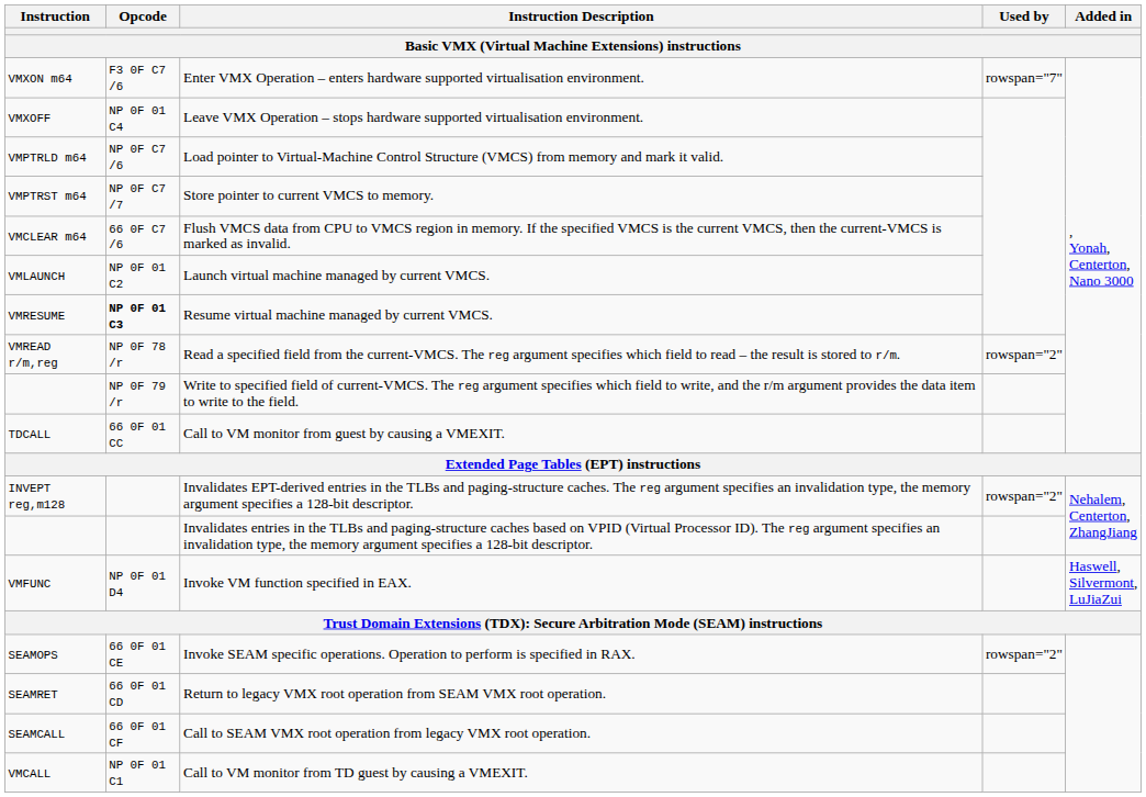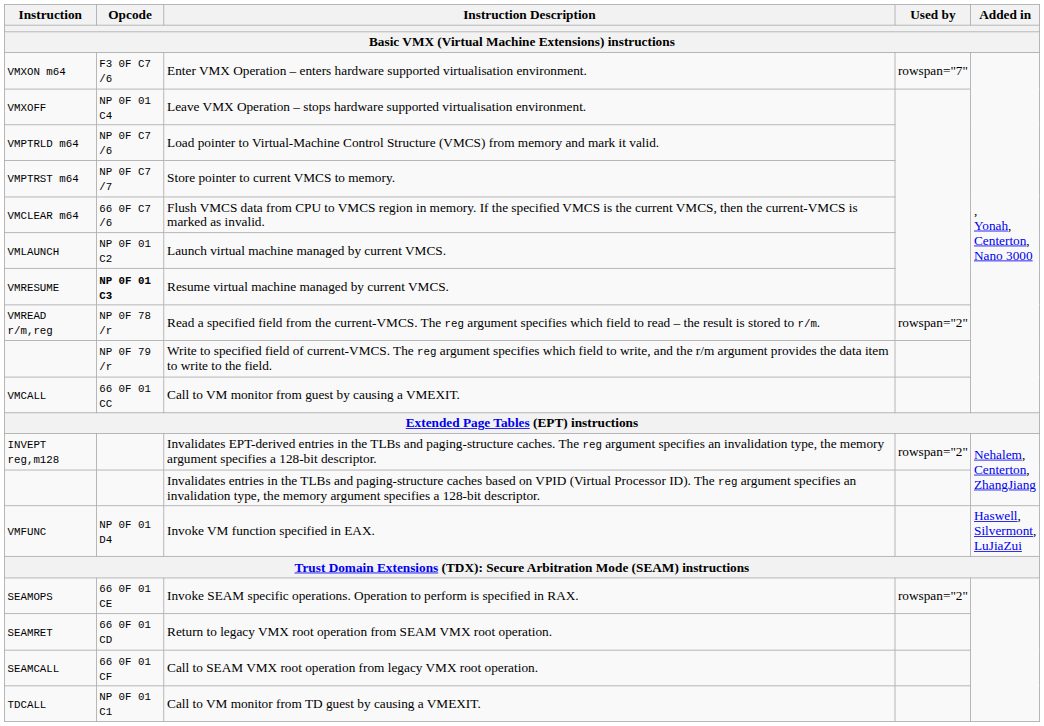 <table class="wikitable sortable">
 <tr>
 <th>Instruction</th>
 <th>Opcode</th>
 <th>Instruction Description</th>
 <th>Used by</th>
 <th>Added in</th>
 </tr>
 <tr>
 <th colspan="5"></th>
 </tr>
 <tr>
 <th colspan="5">Basic VMX (Virtual Machine Extensions) instructions</th>
 </tr>
 <tr>
 <td><code>VMXON m64</code></td>
 <td><code>F3 0F C7 /6</code></td>
 <td>Enter VMX Operation – enters hardware supported virtualisation environment.</td>
 <td>rowspan="7" </td>
 <td rowspan="10">,<br><a href='#'>Yonah</a>,<br><a href='#'>Centerton</a>,<br><a href='#'>Nano 3000</a></td>
 </tr>
 <tr>
 <td><code>VMXOFF</code></td>
 <td><code>NP 0F 01 C4</code></td>
 <td>Leave VMX Operation – stops hardware supported virtualisation environment.</td>
 </tr>
 <tr>
 <td><code>VMPTRLD m64</code></td>
 <td><code>NP 0F C7 /6</code></td>
 <td>Load pointer to Virtual-Machine Control Structure (VMCS) from memory and mark it valid.</td>
 </tr>
 <tr>
 <td><code>VMPTRST m64</code></td>
 <td><code>NP 0F C7 /7</code></td>
 <td>Store pointer to current VMCS to memory.</td>
 </tr>
 <tr>
 <td><code>VMCLEAR m64</code></td>
 <td><code>66 0F C7 /6</code></td>
 <td>Flush VMCS data from CPU to VMCS region in memory. If the specified VMCS is the current VMCS, then the current-VMCS is marked as invalid.</td>
 </tr>
 <tr>
 <td><code>VMLAUNCH</code></td>
 <td><code>NP 0F 01 C2</code></td>
 <td>Launch virtual machine managed by current VMCS.</td>
 </tr>
 <tr>
 <td><code>VMRESUME</code></td>
 <td><strong><code>NP 0F 01 C3</code></strong></td>
 <td>Resume virtual machine managed by current VMCS.</td>
 </tr>
 <tr>
 <td><code>VMREAD r/m,reg</code></td>
 <td><code>NP 0F 78 /r</code></td>
 <td>Read a specified field from the current-VMCS. The <code>reg</code> argument specifies which field to read – the result is stored to <code>r/m</code>.</td>
 <td>rowspan="2" </td>
 </tr>
 <tr>
 <td></td>
 <td><code>NP 0F 79 /r</code></td>
 <td>Write to specified field of current-VMCS. The <code>reg</code> argument specifies which field to write, and the r/m argument provides the data item to write to the field.</td>
 </tr>
 <tr>
-<td><code>TDCALL</code></td>
+<td><code>VMCALL</code></td>
 <td><code>66 0F 01 CC</code></td>
 <td>Call to VM monitor from guest by causing a VMEXIT.</td>
 <td></td>
 </tr>
 <tr>
 <th colspan="5"><a href='#'>Extended Page Tables</a> (EPT) instructions</th>
 </tr>
 <tr>
 <td><code>INVEPT reg,m128</code></td>
 <td></td>
 <td>Invalidates EPT-derived entries in the TLBs and paging-structure caches. The <code>reg</code> argument specifies an invalidation type, the memory argument specifies a 128-bit descriptor.</td>
 <td>rowspan="2" </td>
 <td rowspan="2"><a href='#'>Nehalem</a>,<br><a href='#'>Centerton</a>,<br><a href='#'>ZhangJiang</a></td>
 </tr>
 <tr>
 <td></td>
 <td></td>
 <td>Invalidates entries in the TLBs and paging-structure caches based on VPID (Virtual Processor ID). The <code>reg</code> argument specifies an invalidation type, the memory argument specifies a 128-bit descriptor.</td>
 </tr>
 <tr>
 <td><code>VMFUNC</code></td>
 <td><code>NP 0F 01 D4</code></td>
 <td>Invoke VM function specified in EAX.</td>
 <td></td>
 <td><a href='#'>Haswell</a>,<br><a href='#'>Silvermont</a>,<br><a href='#'>LuJiaZui</a></td>
 </tr>
 <tr>
 <th colspan="5"><a href='#'>Trust Domain Extensions</a> (TDX): Secure Arbitration Mode (SEAM) instructions</th>
 </tr>
 <tr>
 <td><code>SEAMOPS</code></td>
 <td><code>66 0F 01 CE</code></td>
 <td>Invoke SEAM specific operations. Operation to perform is specified in RAX.</td>
 <td>rowspan="2" </td>
 <td rowspan="4"><br></td>
 </tr>
 <tr>
 <td><code>SEAMRET</code></td>
 <td><code>66 0F 01 CD</code></td>
 <td>Return to legacy VMX root operation from SEAM VMX root operation.</td>
 </tr>
 <tr>
 <td><code>SEAMCALL</code></td>
 <td><code>66 0F 01 CF</code></td>
 <td>Call to SEAM VMX root operation from legacy VMX root operation.</td>
 <td></td>
 </tr>
 <tr>
-<td><code>VMCALL</code></td>
+<td><code>TDCALL</code></td>
 <td><code>NP 0F 01 C1</code></td>
 <td>Call to VM monitor from TD guest by causing a VMEXIT.</td>
 <td></td>
 </tr>
 </table>
